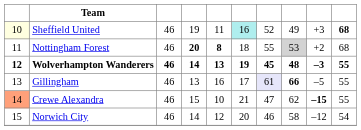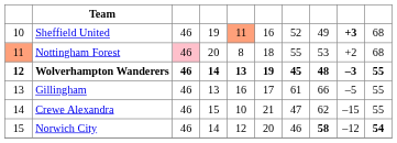 <table class="toccolours" border="1" cellpadding="4" cellspacing="0" style="text-align:center; border-collapse: collapse; margin:0;">
 <tr>
 <th width=30></th>
 <th>Team</th>
 <th width="30"></th>
 <th width="30"></th>
 <th width="30"></th>
 <th width="30"></th>
 <th width="30"></th>
 <th width="30"></th>
 <th width="30"></th>
 <th width="30"></th>
 </tr>
 <tr>
-<td style="background: lightyellow;">10</td>
+<td>10</td>
 <td align=left><a href='#'>Sheffield United</a></td>
 <td>46</td>
 <td>19</td>
-<td>11</td>
-<td style="background: paleturquoise;">16</td>
+<td style="background: lightsalmon;">11</td>
+<td>16</td>
 <td>52</td>
 <td>49</td>
-<td>+3</td>
-<td><strong>68</strong></td>
+<td><strong>+3</strong></td>
+<td>68</td>
 </tr>
 <tr>
-<td>11</td>
+<td style="background: lightsalmon;">11</td>
 <td align=left><a href='#'>Nottingham Forest</a></td>
-<td>46</td>
-<td><strong>20</strong></td>
-<td><strong>8</strong></td>
+<td style="background: pink;">46</td>
+<td>20</td>
+<td>8</td>
 <td>18</td>
 <td>55</td>
-<td style="background: lightgrey;">53</td>
+<td>53</td>
 <td>+2</td>
 <td>68</td>
 </tr>
 <tr>
 <td><strong>12</strong></td>
 <td align=left><strong>Wolverhampton Wanderers</strong></td>
 <td><strong>46</strong></td>
 <td><strong>14</strong></td>
 <td><strong>13</strong></td>
 <td><strong>19</strong></td>
 <td><strong>45</strong></td>
 <td><strong>48</strong></td>
 <td><strong>–3</strong></td>
 <td><strong>55</strong></td>
 </tr>
 <tr>
 <td>13</td>
 <td align=left><a href='#'>Gillingham</a></td>
 <td>46</td>
 <td>13</td>
 <td>16</td>
 <td>17</td>
-<td style="background: lavender;">61</td>
-<td><strong>66</strong></td>
+<td>61</td>
+<td>66</td>
 <td>–5</td>
 <td>55</td>
 </tr>
 <tr>
-<td style="background: lightsalmon;">14</td>
+<td>14</td>
 <td align=left><a href='#'>Crewe Alexandra</a></td>
 <td>46</td>
 <td>15</td>
 <td>10</td>
 <td>21</td>
 <td>47</td>
 <td>62</td>
-<td><strong>–15</strong></td>
+<td>–15</td>
 <td>55</td>
 </tr>
 <tr>
 <td>15</td>
 <td align=left><a href='#'>Norwich City</a></td>
 <td>46</td>
 <td>14</td>
 <td>12</td>
 <td>20</td>
 <td>46</td>
-<td>58</td>
+<td><strong>58</strong></td>
 <td>–12</td>
-<td>54</td>
+<td><strong>54</strong></td>
 </tr>
 <tr>
 </tr>
 </table>
